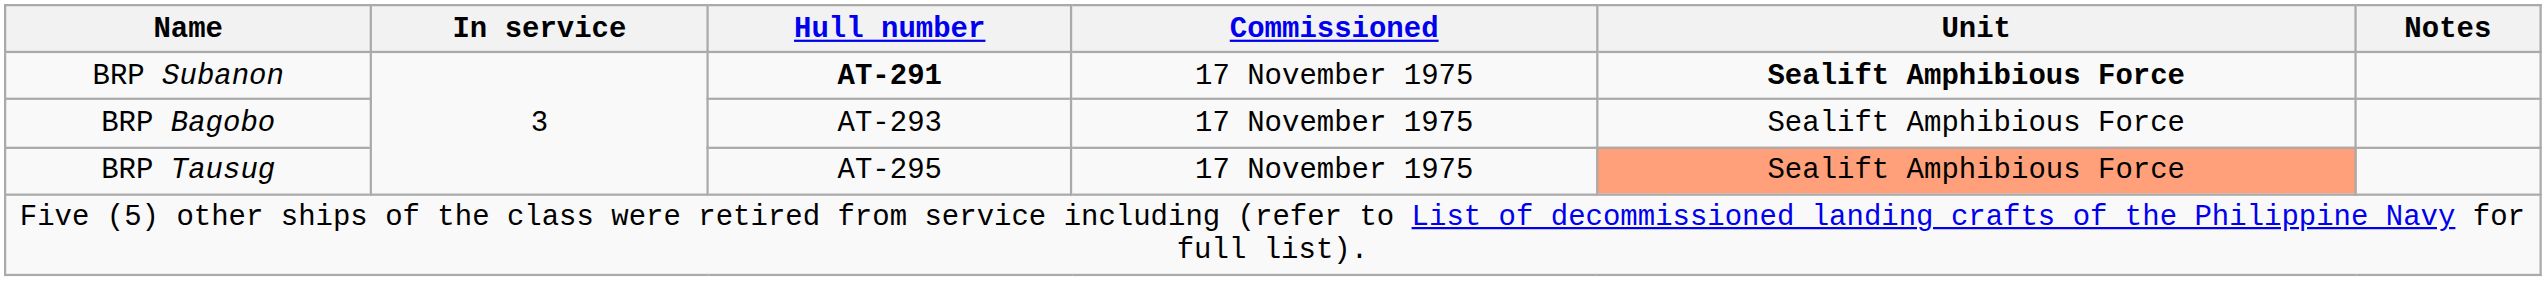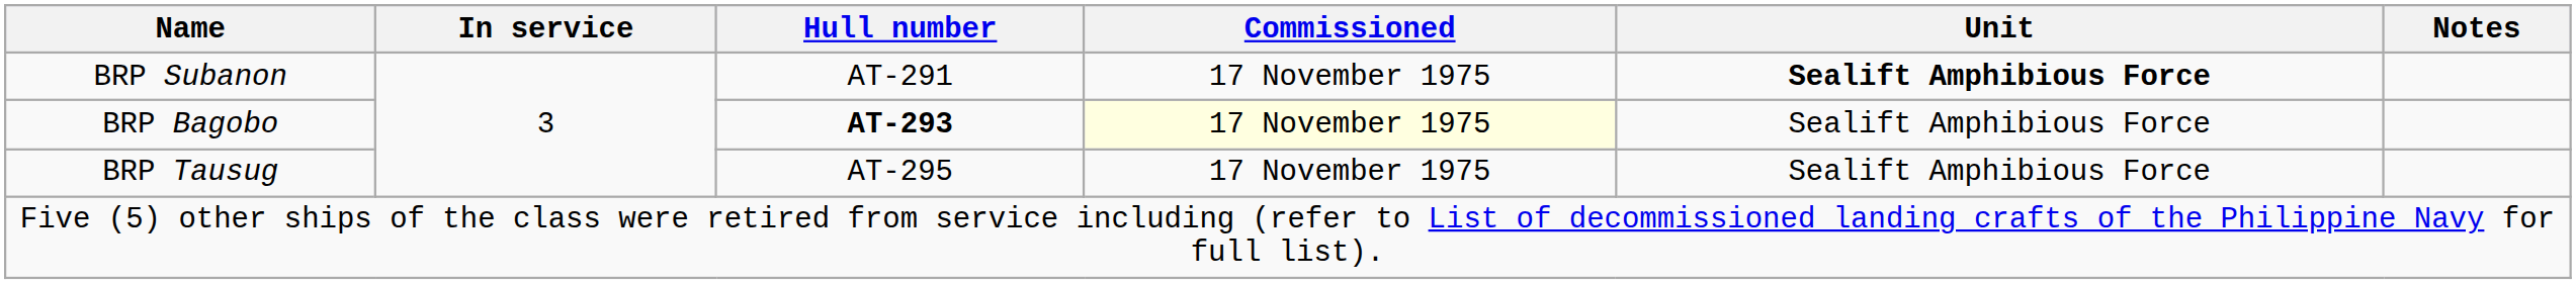 <table class="wikitable"  style="width:90%; text-align:center;">
 <tr style="background:lavender;">
 <th>Name</th>
 <th><strong>In service</strong></th>
 <th><a href='#'>Hull number</a></th>
 <th><a href='#'>Commissioned</a></th>
 <th>Unit</th>
 <th>Notes</th>
 </tr>
 <tr>
 <td valign="top">BRP <em>Subanon</em></td>
 <td rowspan="3">3</td>
-<td><strong>AT-291</strong></td>
+<td>AT-291</td>
 <td>17 November 1975</td>
 <td><strong>Sealift Amphibious Force</strong></td>
 <td></td>
 </tr>
 <tr>
 <td valign="top">BRP <em>Bagobo</em></td>
-<td>AT-293</td>
-<td>17 November 1975</td>
+<td><strong>AT-293</strong></td>
+<td style="background: lightyellow;">17 November 1975</td>
 <td>Sealift Amphibious Force</td>
 <td></td>
 </tr>
 <tr>
 <td valign="top">BRP <em>Tausug</em></td>
 <td>AT-295</td>
 <td>17 November 1975</td>
-<td style="background: lightsalmon;">Sealift Amphibious Force</td>
+<td>Sealift Amphibious Force</td>
 <td></td>
 </tr>
 <tr>
 <td colspan="6" style="text-align: center;">Five (5) other ships of the class were retired from service including  (refer to <a href='#'>List of decommissioned landing crafts of the Philippine Navy</a> for full list).</td>
 </tr>
 </table>
